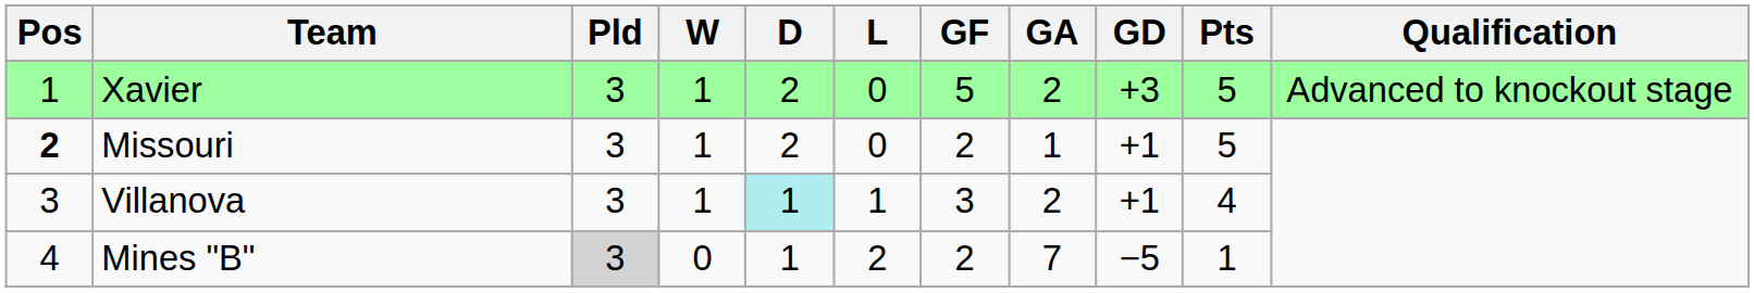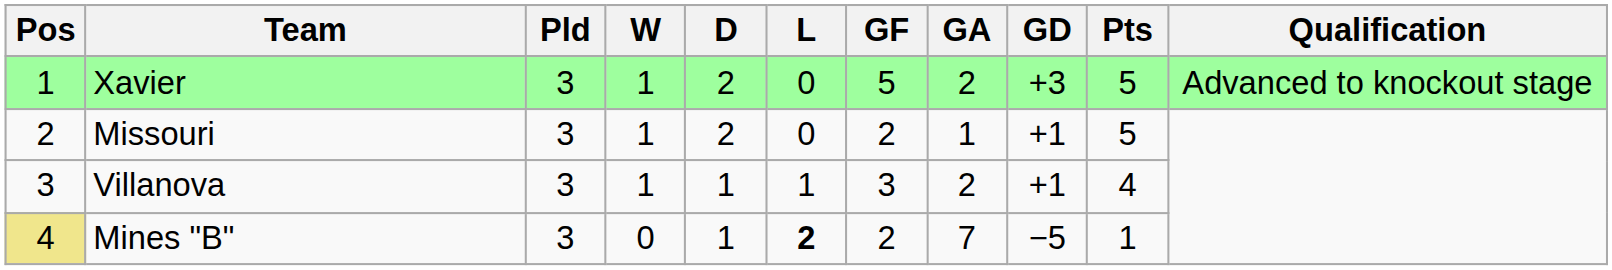 <table class="wikitable" style="text-align:center; margin: 1em auto">
 <tr>
 <th style="width:2em">Pos</th>
 <th style="width:13em">Team</th>
 <th style="width:2em">Pld</th>
 <th style="width:2em">W</th>
 <th style="width:2em">D</th>
 <th style="width:2em">L</th>
 <th style="width:2em">GF</th>
 <th style="width:2em">GA</th>
 <th style="width:2em">GD</th>
 <th style="width:2em">Pts</th>
 <th style="width:13em">Qualification</th>
 </tr>
 <tr bgcolor="#9eff9e">
 <td>1</td>
 <td style="text-align:left">Xavier</td>
 <td>3</td>
 <td>1</td>
 <td>2</td>
 <td>0</td>
 <td>5</td>
 <td>2</td>
 <td>+3</td>
 <td>5</td>
 <td>Advanced to knockout stage</td>
 </tr>
 <tr>
-<td><strong>2</strong></td>
+<td>2</td>
 <td style="text-align:left">Missouri</td>
 <td>3</td>
 <td>1</td>
 <td>2</td>
 <td>0</td>
 <td>2</td>
 <td>1</td>
 <td>+1</td>
 <td>5</td>
 </tr>
 <tr>
 <td>3</td>
 <td style="text-align:left">Villanova</td>
 <td>3</td>
 <td>1</td>
-<td style="background: paleturquoise;">1</td>
+<td>1</td>
 <td>1</td>
 <td>3</td>
 <td>2</td>
 <td>+1</td>
 <td>4</td>
 </tr>
 <tr>
-<td>4</td>
+<td style="background: khaki;">4</td>
 <td style="text-align:left">Mines "B"</td>
-<td style="background: lightgrey;">3</td>
+<td>3</td>
 <td>0</td>
 <td>1</td>
-<td>2</td>
+<td><strong>2</strong></td>
 <td>2</td>
 <td>7</td>
 <td>−5</td>
 <td>1</td>
 </tr>
 </table>
